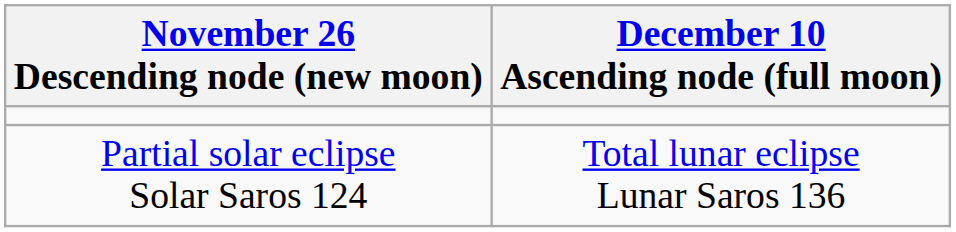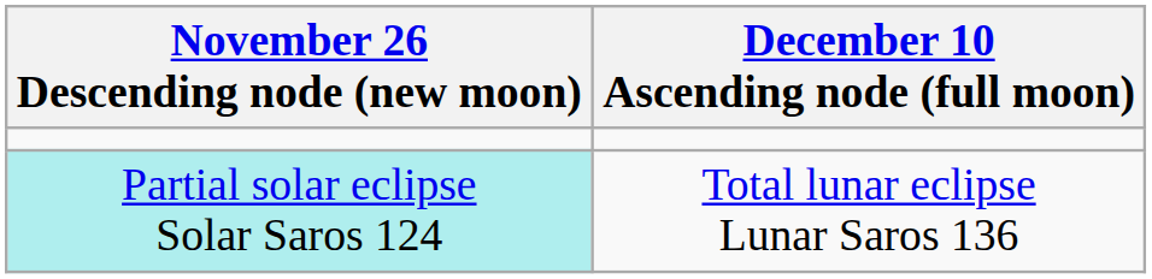 <table class="wikitable">
 <tr>
 <th><a href='#'>November 26</a><br>Descending node (new moon)<br></th>
 <th><a href='#'>December 10</a><br>Ascending node (full moon)<br></th>
 </tr>
 <tr>
 <td></td>
 <td></td>
 </tr>
 <tr align=center>
-<td><a href='#'>Partial solar eclipse</a><br>Solar Saros 124</td>
+<td style="background: paleturquoise;"><a href='#'>Partial solar eclipse</a><br>Solar Saros 124</td>
 <td><a href='#'>Total lunar eclipse</a><br>Lunar Saros 136</td>
 </tr>
 </table>
